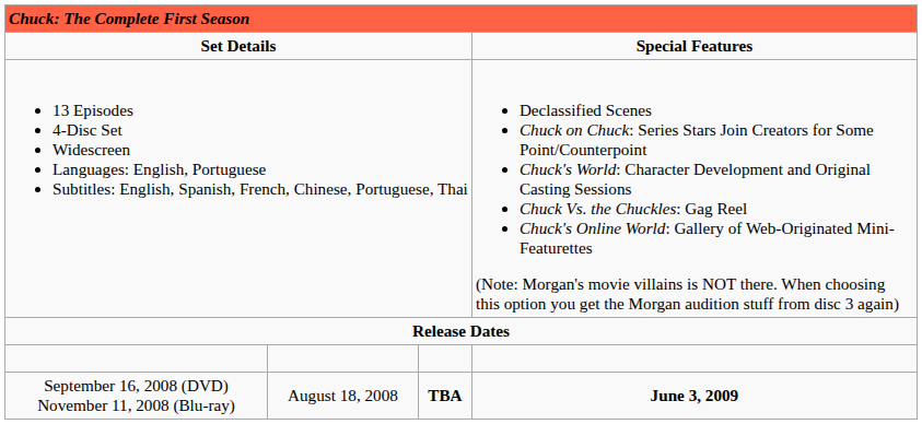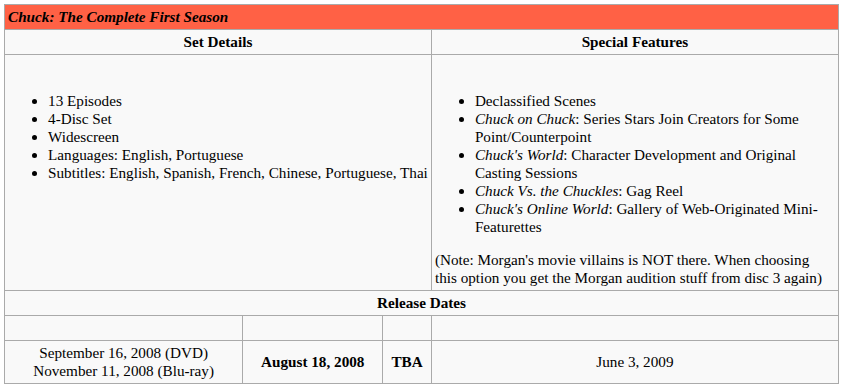 <table class="wikitable" style="font-size: 95%;">
 <tr style="background:#FF6145">
 <td colspan="6"><span><strong><em>Chuck: The Complete First Season</em></strong></span></td>
 </tr>
 <tr valign="top">
 <td align="center" width="400" colspan="3"><strong>Set Details</strong></td>
 <td width="400" align="center" colspan="3"><strong>Special Features</strong></td>
 </tr>
 <tr valign="top">
 <td colspan="3" align="left"><br><ul><li>13 Episodes</li><li>4-Disc Set</li><li>Widescreen</li><li>Languages: English, Portuguese</li><li>Subtitles: English, Spanish, French, Chinese, Portuguese, Thai</li></ul></td>
 <td colspan="3" align="left" width="400"><br><ul><li>Declassified Scenes</li><li><em>Chuck on Chuck</em>: Series Stars Join Creators for Some Point/Counterpoint</li><li><em>Chuck's World</em>: Character Development and Original Casting Sessions</li><li><em>Chuck Vs. the Chuckles</em>: Gag Reel</li><li><em>Chuck's Online World</em>: Gallery of Web-Originated Mini-Featurettes</li></ul>(Note: Morgan's movie villains is NOT there. When choosing this option you get the Morgan audition stuff from disc 3 again)</td>
 </tr>
 <tr>
 <td colspan="6" align="center"><strong>Release Dates</strong></td>
 </tr>
 <tr>
 <td colspan="1" align="center"><br></td>
 <td colspan="1" align="center"></td>
 <td colspan="1" align="center"><br></td>
 <td colspan="1" align="center"></td>
 </tr>
 <tr>
 <td colspan="1" align="center">September 16, 2008 (DVD)<br>November 11, 2008 (Blu-ray)</td>
-<td colspan="1" align="center">August 18, 2008</td>
+<td colspan="1" align="center"><strong>August 18, 2008</strong></td>
 <td colspan="1" align="center"><strong>TBA</strong></td>
-<td colspan="1" align="center"><strong>June 3, 2009</strong></td>
+<td colspan="1" align="center">June 3, 2009</td>
 </tr>
 </table>
